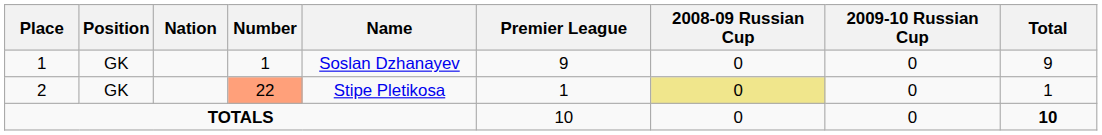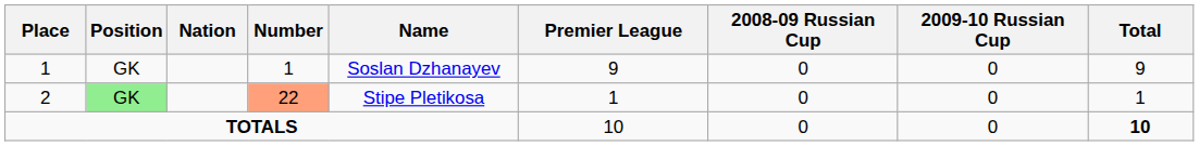 <table class="wikitable" style="font-size: 95%; text-align: center;">
 <tr>
 <th width=60>Place</th>
 <th width=60>Position</th>
 <th width=60>Nation</th>
 <th width=60>Number</th>
 <th width=150>Name</th>
 <th width=150>Premier League</th>
 <th width=150>2008-09 Russian Cup</th>
 <th width=150>2009-10 Russian Cup</th>
 <th width=80>Total</th>
 </tr>
 <tr>
 <td>1</td>
 <td>GK</td>
 <td></td>
 <td>1</td>
 <td><a href='#'>Soslan Dzhanayev</a></td>
 <td>9</td>
 <td>0</td>
 <td>0</td>
 <td>9</td>
 </tr>
 <tr>
 <td>2</td>
-<td>GK</td>
+<td style="background: lightgreen;">GK</td>
 <td></td>
 <td style="background: lightsalmon;">22</td>
 <td><a href='#'>Stipe Pletikosa</a></td>
 <td>1</td>
-<td style="background: khaki;">0</td>
+<td>0</td>
 <td>0</td>
 <td>1</td>
 </tr>
 <tr>
 <td colspan="5"><strong>TOTALS</strong></td>
 <td>10</td>
 <td>0</td>
 <td>0</td>
 <td><strong>10</strong></td>
 </tr>
 </table>
